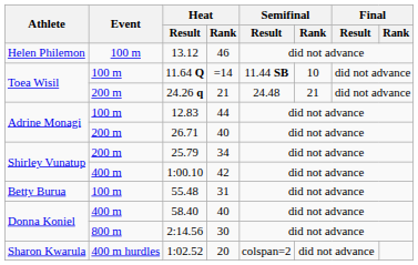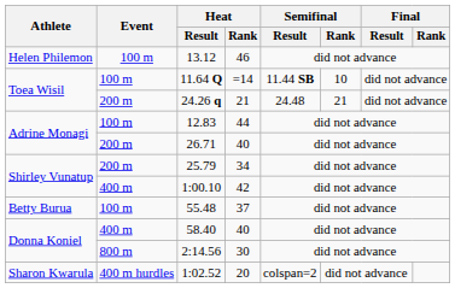 <table class="wikitable" style="font-size:90%">
 <tr>
 <th rowspan=2>Athlete</th>
 <th rowspan=2>Event</th>
 <th colspan=2>Heat</th>
 <th colspan=2>Semifinal</th>
 <th colspan=2>Final</th>
 </tr>
 <tr style="font-size:95%">
 <th>Result</th>
 <th>Rank</th>
 <th>Result</th>
 <th>Rank</th>
 <th>Result</th>
 <th>Rank</th>
 </tr>
 <tr align=center>
 <td align=left><a href='#'>Helen Philemon</a></td>
 <td><a href='#'>100 m</a></td>
 <td>13.12</td>
 <td>46</td>
 <td colspan=4>did not advance</td>
 </tr>
 <tr align=center>
 <td align=left rowspan=2><a href='#'>Toea Wisil</a></td>
 <td align=left><a href='#'>100 m</a></td>
 <td>11.64 <strong>Q</strong></td>
 <td>=14</td>
 <td>11.44 <strong>SB</strong></td>
 <td>10</td>
 <td colspan=2>did not advance</td>
 </tr>
 <tr align=center>
 <td align=left><a href='#'>200 m</a></td>
 <td>24.26 <strong>q</strong></td>
 <td>21</td>
 <td>24.48</td>
 <td>21</td>
 <td colspan=2>did not advance</td>
 </tr>
 <tr align=center>
 <td align=left rowspan=2><a href='#'>Adrine Monagi</a></td>
 <td align=left><a href='#'>100 m</a></td>
 <td>12.83</td>
 <td>44</td>
 <td colspan=4>did not advance</td>
 </tr>
 <tr align=center>
 <td align=left><a href='#'>200 m</a></td>
 <td>26.71</td>
 <td>40</td>
 <td colspan=4>did not advance</td>
 </tr>
 <tr align=center>
 <td align=left rowspan=2><a href='#'>Shirley Vunatup</a></td>
 <td align=left><a href='#'>200 m</a></td>
 <td>25.79</td>
 <td>34</td>
 <td colspan=4>did not advance</td>
 </tr>
 <tr align=center>
 <td align=left><a href='#'>400 m</a></td>
 <td>1:00.10</td>
 <td>42</td>
 <td colspan=4>did not advance</td>
 </tr>
 <tr align=center>
 <td align=left><a href='#'>Betty Burua</a></td>
 <td align=left><a href='#'>100 m</a></td>
 <td>55.48</td>
-<td>31</td>
+<td>37</td>
 <td colspan=4>did not advance</td>
 </tr>
 <tr align=center>
 <td align=left rowspan=2><a href='#'>Donna Koniel</a></td>
 <td align=left><a href='#'>400 m</a></td>
 <td>58.40</td>
 <td>40</td>
 <td colspan=4>did not advance</td>
 </tr>
 <tr align=center>
 <td align=left><a href='#'>800 m</a></td>
 <td>2:14.56</td>
 <td>30</td>
 <td colspan=4>did not advance</td>
 </tr>
 <tr align=center>
 <td align=left><a href='#'>Sharon Kwarula</a></td>
 <td align=left><a href='#'>400 m hurdles</a></td>
 <td>1:02.52</td>
 <td>20</td>
 <td>colspan=2 </td>
 <td colspan=2>did not advance</td>
 </tr>
 </table>
